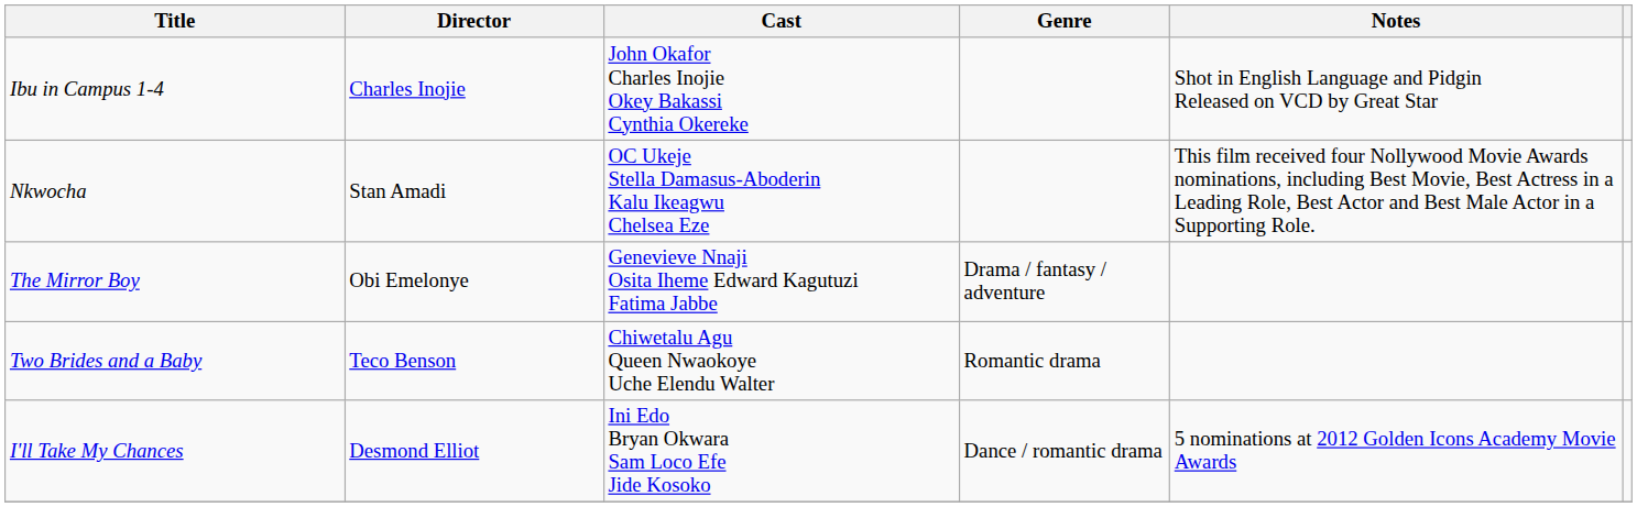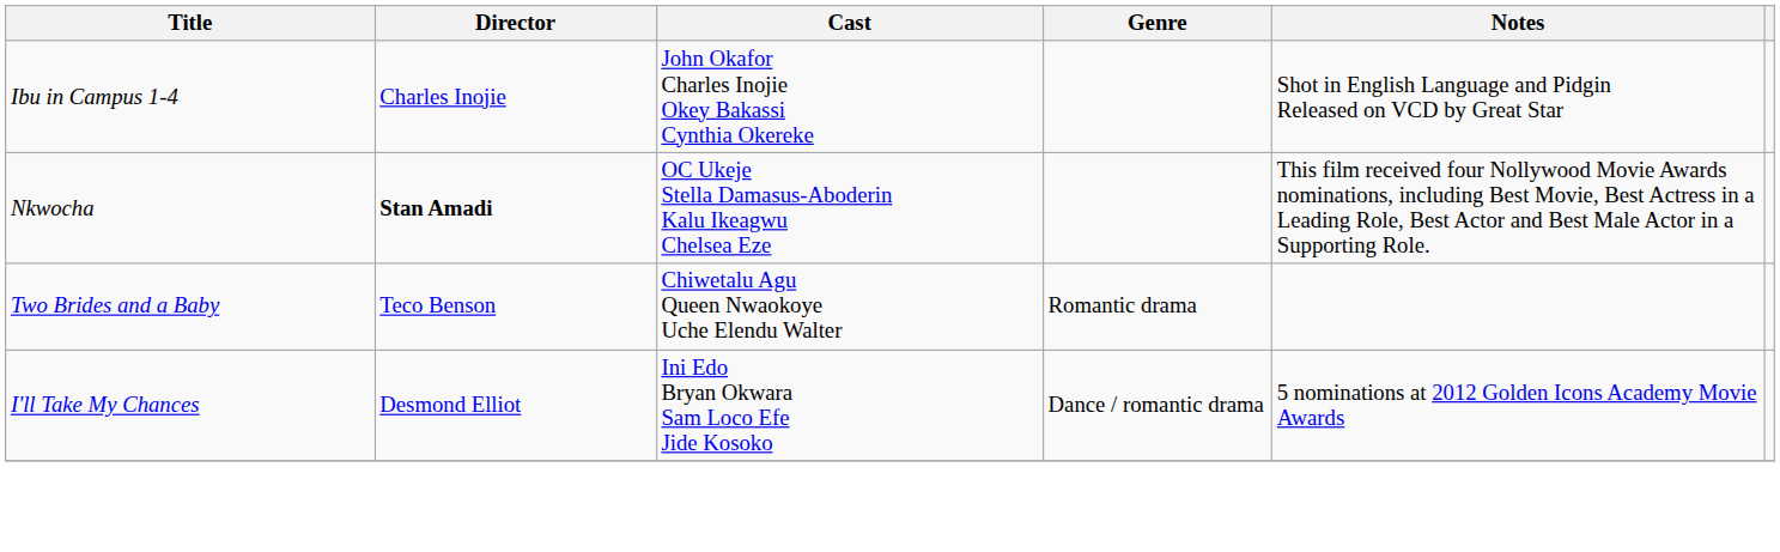 <table class="wikitable" width= "100%">
 <tr>
 <th width=21%>Title</th>
 <th width=16%>Director</th>
 <th width=22%>Cast</th>
 <th width=13%>Genre</th>
 <th width=28%>Notes</th>
 <th></th>
 </tr>
 <tr>
 <td><em>Ibu in Campus 1-4</em></td>
 <td><a href='#'>Charles Inojie</a></td>
 <td><a href='#'>John Okafor</a><br>Charles Inojie<br><a href='#'>Okey Bakassi</a><br><a href='#'>Cynthia Okereke</a></td>
 <td></td>
 <td>Shot in English Language and Pidgin<br>Released on VCD by Great Star</td>
 <td></td>
 </tr>
 <tr>
 <td><em>Nkwocha</em></td>
-<td>Stan Amadi</td>
+<td><strong>Stan Amadi</strong></td>
 <td><a href='#'>OC Ukeje</a><br><a href='#'>Stella Damasus-Aboderin</a><br><a href='#'>Kalu Ikeagwu</a><br><a href='#'>Chelsea Eze</a></td>
 <td></td>
 <td>This film received four Nollywood Movie Awards nominations, including Best Movie, Best Actress in a Leading Role, Best Actor and Best Male Actor in a Supporting Role.</td>
-<td></td>
-</tr>
-<tr>
-<td><em><a href='#'>The Mirror Boy</a></em></td>
-<td>Obi Emelonye</td>
-<td><a href='#'>Genevieve Nnaji</a><br><a href='#'>Osita Iheme</a> Edward Kagutuzi<br><a href='#'>Fatima Jabbe</a></td>
-<td>Drama / fantasy / adventure</td>
-<td></td>
 <td></td>
 </tr>
 <tr>
 <td><em><a href='#'>Two Brides and a Baby</a></em></td>
 <td><a href='#'>Teco Benson</a></td>
 <td><a href='#'>Chiwetalu Agu</a><br>Queen Nwaokoye<br>Uche Elendu Walter</td>
 <td>Romantic drama</td>
 <td></td>
 <td></td>
 </tr>
 <tr>
 <td><em><a href='#'>I'll Take My Chances</a></em></td>
 <td><a href='#'>Desmond Elliot</a></td>
 <td><a href='#'>Ini Edo</a><br>Bryan Okwara<br><a href='#'>Sam Loco Efe</a><br><a href='#'>Jide Kosoko</a></td>
 <td>Dance / romantic drama</td>
 <td>5 nominations at <a href='#'>2012 Golden Icons Academy Movie Awards</a></td>
 <td></td>
 </tr>
 <tr>
 </tr>
 </table>
